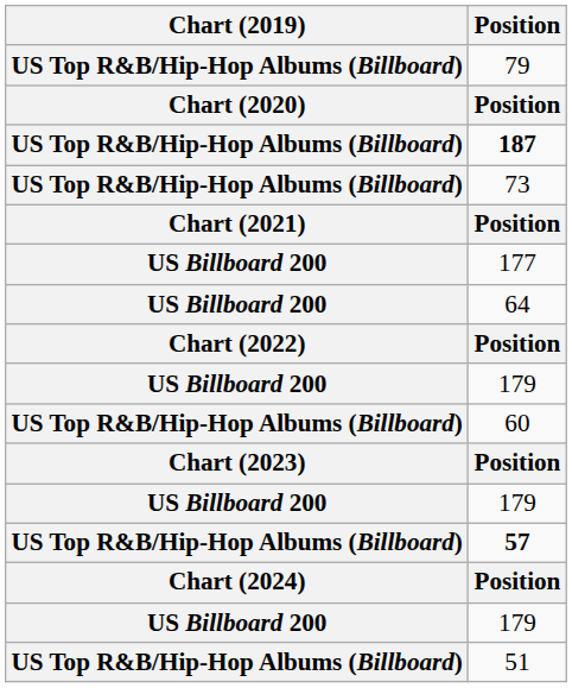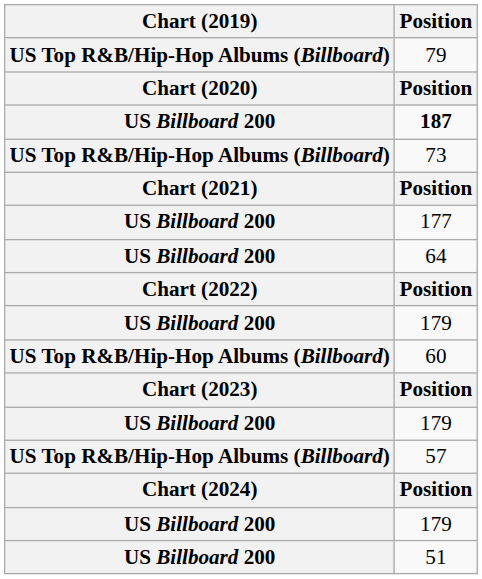 <table class="wikitable plainrowheaders" style="text-align:center">
 <tr>
 <th scope="col">Chart (2019)</th>
 <th scope="col">Position</th>
 </tr>
 <tr>
 <th scope="row">US Top R&B/Hip-Hop Albums (<em>Billboard</em>)</th>
 <td>79</td>
 </tr>
 <tr>
 <th scope="col">Chart (2020)</th>
 <th scope="col">Position</th>
 </tr>
 <tr>
-<th scope="row">US Top R&B/Hip-Hop Albums (<em>Billboard</em>)</th>
+<th scope="row">US <em>Billboard</em> 200</th>
 <td><strong>187</strong></td>
 </tr>
 <tr>
 <th scope="row">US Top R&B/Hip-Hop Albums (<em>Billboard</em>)</th>
 <td>73</td>
 </tr>
 <tr>
 <th scope="col">Chart (2021)</th>
 <th scope="col">Position</th>
 </tr>
 <tr>
 <th scope="row">US <em>Billboard</em> 200</th>
 <td>177</td>
 </tr>
 <tr>
 <th scope="row">US <em>Billboard</em> 200</th>
 <td>64</td>
 </tr>
 <tr>
 <th scope="col">Chart (2022)</th>
 <th scope="col">Position</th>
 </tr>
 <tr>
 <th scope="row">US <em>Billboard</em> 200</th>
 <td>179</td>
 </tr>
 <tr>
 <th scope="row">US Top R&B/Hip-Hop Albums (<em>Billboard</em>)</th>
 <td>60</td>
 </tr>
 <tr>
 <th scope="col">Chart (2023)</th>
 <th scope="col">Position</th>
 </tr>
 <tr>
 <th scope="row">US <em>Billboard</em> 200</th>
 <td>179</td>
 </tr>
 <tr>
 <th scope="row">US Top R&B/Hip-Hop Albums (<em>Billboard</em>)</th>
-<td><strong>57</strong></td>
+<td>57</td>
 </tr>
 <tr>
 <th scope="col">Chart (2024)</th>
 <th scope="col">Position</th>
 </tr>
 <tr>
 <th scope="row">US <em>Billboard</em> 200</th>
 <td>179</td>
 </tr>
 <tr>
-<th scope="row">US Top R&B/Hip-Hop Albums (<em>Billboard</em>)</th>
+<th scope="row">US <em>Billboard</em> 200</th>
 <td>51</td>
 </tr>
 </table>
